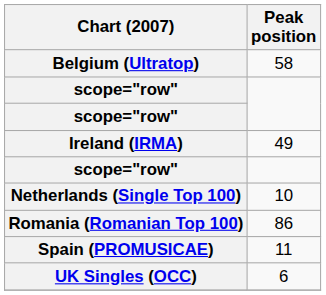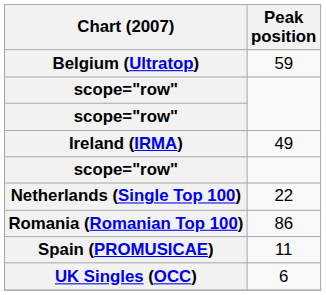 <table class="wikitable sortable plainrowheaders">
 <tr>
 <th scope="col">Chart (2007)</th>
 <th scope="col">Peak<br>position</th>
 </tr>
 <tr>
 <th scope="row">Belgium (<a href='#'>Ultratop</a>)</th>
-<td style="text-align:center;">58</td>
+<td style="text-align:center;">59</td>
 </tr>
 <tr>
 <th>scope="row"</th>
 </tr>
 <tr>
 <th>scope="row"</th>
 </tr>
 <tr>
 <th scope="row">Ireland (<a href='#'>IRMA</a>)</th>
 <td align="center">49</td>
 </tr>
 <tr>
 <th>scope="row"</th>
 </tr>
 <tr>
 <th scope="row">Netherlands (<a href='#'>Single Top 100</a>)</th>
-<td style="text-align:center;">10</td>
+<td style="text-align:center;">22</td>
 </tr>
 <tr>
 <th scope="row">Romania (<a href='#'>Romanian Top 100</a>)</th>
 <td align="center">86</td>
 </tr>
 <tr>
 <th scope="row">Spain (<a href='#'>PROMUSICAE</a>)</th>
 <td style="text-align:center;">11</td>
 </tr>
 <tr>
 <th scope="row"><a href='#'>UK Singles</a> (<a href='#'>OCC</a>)</th>
 <td style="text-align:center;">6</td>
 </tr>
 <tr>
 </tr>
 </table>
